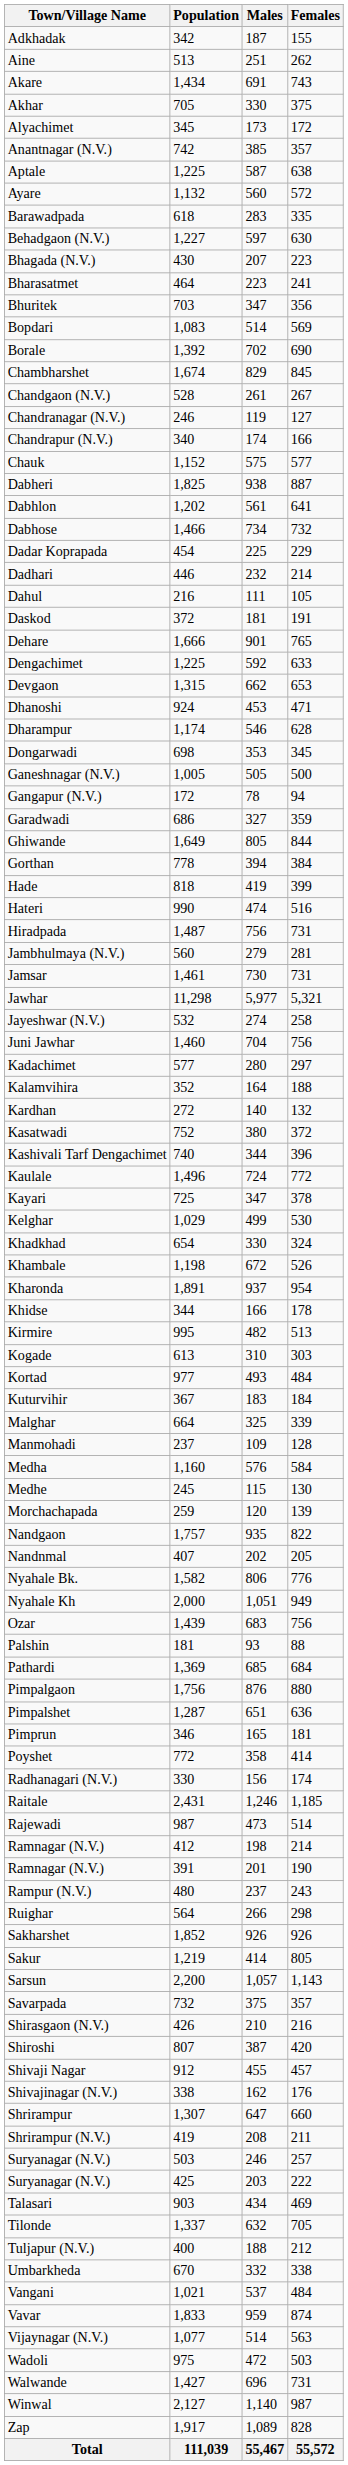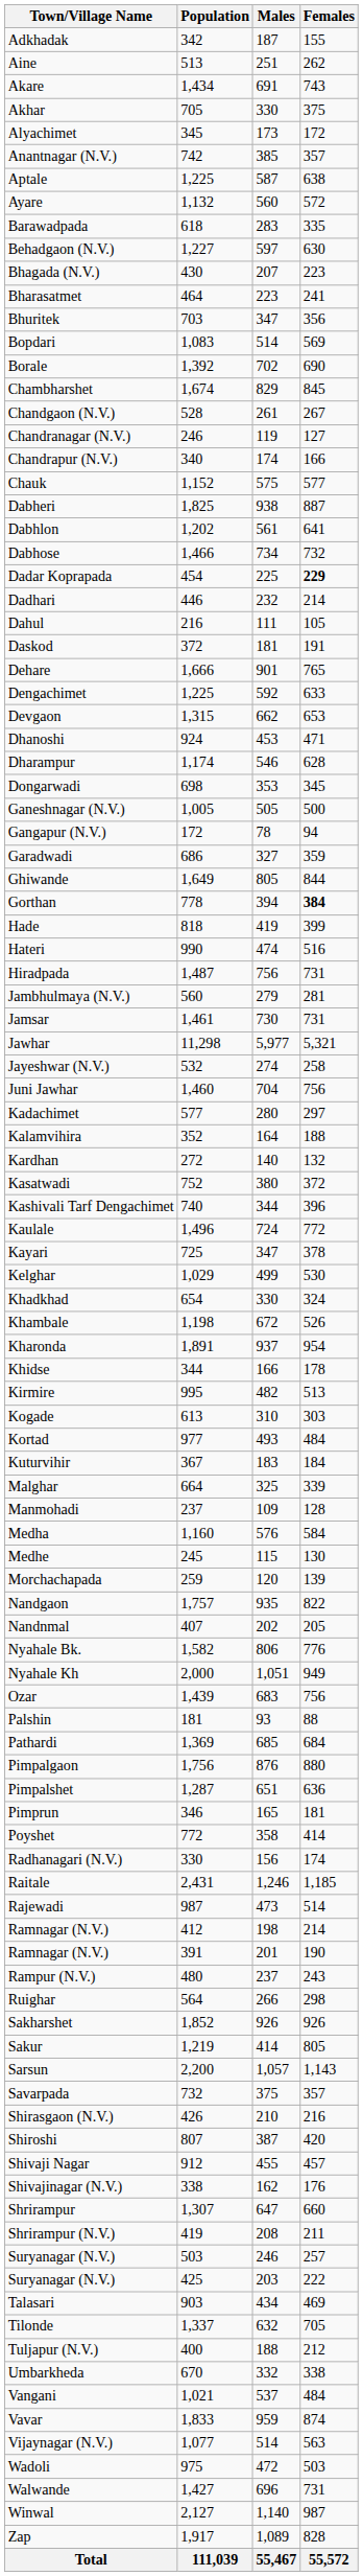 <table class="wikitable sortable collapsible collapsed">
 <tr>
 <th>Town/Village Name</th>
 <th>Population</th>
 <th>Males</th>
 <th>Females</th>
 </tr>
 <tr>
 <td>Adkhadak</td>
 <td>342</td>
 <td>187</td>
 <td>155</td>
 </tr>
 <tr>
 <td>Aine</td>
 <td>513</td>
 <td>251</td>
 <td>262</td>
 </tr>
 <tr>
 <td>Akare</td>
 <td>1,434</td>
 <td>691</td>
 <td>743</td>
 </tr>
 <tr>
 <td>Akhar</td>
 <td>705</td>
 <td>330</td>
 <td>375</td>
 </tr>
 <tr>
 <td>Alyachimet</td>
 <td>345</td>
 <td>173</td>
 <td>172</td>
 </tr>
 <tr>
 <td>Anantnagar (N.V.)</td>
 <td>742</td>
 <td>385</td>
 <td>357</td>
 </tr>
 <tr>
 <td>Aptale</td>
 <td>1,225</td>
 <td>587</td>
 <td>638</td>
 </tr>
 <tr>
 <td>Ayare</td>
 <td>1,132</td>
 <td>560</td>
 <td>572</td>
 </tr>
 <tr>
 <td>Barawadpada</td>
 <td>618</td>
 <td>283</td>
 <td>335</td>
 </tr>
 <tr>
 <td>Behadgaon (N.V.)</td>
 <td>1,227</td>
 <td>597</td>
 <td>630</td>
 </tr>
 <tr>
 <td>Bhagada (N.V.)</td>
 <td>430</td>
 <td>207</td>
 <td>223</td>
 </tr>
 <tr>
 <td>Bharasatmet</td>
 <td>464</td>
 <td>223</td>
 <td>241</td>
 </tr>
 <tr>
 <td>Bhuritek</td>
 <td>703</td>
 <td>347</td>
 <td>356</td>
 </tr>
 <tr>
 <td>Bopdari</td>
 <td>1,083</td>
 <td>514</td>
 <td>569</td>
 </tr>
 <tr>
 <td>Borale</td>
 <td>1,392</td>
 <td>702</td>
 <td>690</td>
 </tr>
 <tr>
 <td>Chambharshet</td>
 <td>1,674</td>
 <td>829</td>
 <td>845</td>
 </tr>
 <tr>
 <td>Chandgaon (N.V.)</td>
 <td>528</td>
 <td>261</td>
 <td>267</td>
 </tr>
 <tr>
 <td>Chandranagar (N.V.)</td>
 <td>246</td>
 <td>119</td>
 <td>127</td>
 </tr>
 <tr>
 <td>Chandrapur (N.V.)</td>
 <td>340</td>
 <td>174</td>
 <td>166</td>
 </tr>
 <tr>
 <td>Chauk</td>
 <td>1,152</td>
 <td>575</td>
 <td>577</td>
 </tr>
 <tr>
 <td>Dabheri</td>
 <td>1,825</td>
 <td>938</td>
 <td>887</td>
 </tr>
 <tr>
 <td>Dabhlon</td>
 <td>1,202</td>
 <td>561</td>
 <td>641</td>
 </tr>
 <tr>
 <td>Dabhose</td>
 <td>1,466</td>
 <td>734</td>
 <td>732</td>
 </tr>
 <tr>
 <td>Dadar Koprapada</td>
 <td>454</td>
 <td>225</td>
-<td>229</td>
+<td><strong>229</strong></td>
 </tr>
 <tr>
 <td>Dadhari</td>
 <td>446</td>
 <td>232</td>
 <td>214</td>
 </tr>
 <tr>
 <td>Dahul</td>
 <td>216</td>
 <td>111</td>
 <td>105</td>
 </tr>
 <tr>
 <td>Daskod</td>
 <td>372</td>
 <td>181</td>
 <td>191</td>
 </tr>
 <tr>
 <td>Dehare</td>
 <td>1,666</td>
 <td>901</td>
 <td>765</td>
 </tr>
 <tr>
 <td>Dengachimet</td>
 <td>1,225</td>
 <td>592</td>
 <td>633</td>
 </tr>
 <tr>
 <td>Devgaon</td>
 <td>1,315</td>
 <td>662</td>
 <td>653</td>
 </tr>
 <tr>
 <td>Dhanoshi</td>
 <td>924</td>
 <td>453</td>
 <td>471</td>
 </tr>
 <tr>
 <td>Dharampur</td>
 <td>1,174</td>
 <td>546</td>
 <td>628</td>
 </tr>
 <tr>
 <td>Dongarwadi</td>
 <td>698</td>
 <td>353</td>
 <td>345</td>
 </tr>
 <tr>
 <td>Ganeshnagar (N.V.)</td>
 <td>1,005</td>
 <td>505</td>
 <td>500</td>
 </tr>
 <tr>
 <td>Gangapur (N.V.)</td>
 <td>172</td>
 <td>78</td>
 <td>94</td>
 </tr>
 <tr>
 <td>Garadwadi</td>
 <td>686</td>
 <td>327</td>
 <td>359</td>
 </tr>
 <tr>
 <td>Ghiwande</td>
 <td>1,649</td>
 <td>805</td>
 <td>844</td>
 </tr>
 <tr>
 <td>Gorthan</td>
 <td>778</td>
 <td>394</td>
-<td>384</td>
+<td><strong>384</strong></td>
 </tr>
 <tr>
 <td>Hade</td>
 <td>818</td>
 <td>419</td>
 <td>399</td>
 </tr>
 <tr>
 <td>Hateri</td>
 <td>990</td>
 <td>474</td>
 <td>516</td>
 </tr>
 <tr>
 <td>Hiradpada</td>
 <td>1,487</td>
 <td>756</td>
 <td>731</td>
 </tr>
 <tr>
 <td>Jambhulmaya (N.V.)</td>
 <td>560</td>
 <td>279</td>
 <td>281</td>
 </tr>
 <tr>
 <td>Jamsar</td>
 <td>1,461</td>
 <td>730</td>
 <td>731</td>
 </tr>
 <tr>
 <td>Jawhar</td>
 <td>11,298</td>
 <td>5,977</td>
 <td>5,321</td>
 </tr>
 <tr>
 <td>Jayeshwar (N.V.)</td>
 <td>532</td>
 <td>274</td>
 <td>258</td>
 </tr>
 <tr>
 <td>Juni Jawhar</td>
 <td>1,460</td>
 <td>704</td>
 <td>756</td>
 </tr>
 <tr>
 <td>Kadachimet</td>
 <td>577</td>
 <td>280</td>
 <td>297</td>
 </tr>
 <tr>
 <td>Kalamvihira</td>
 <td>352</td>
 <td>164</td>
 <td>188</td>
 </tr>
 <tr>
 <td>Kardhan</td>
 <td>272</td>
 <td>140</td>
 <td>132</td>
 </tr>
 <tr>
 <td>Kasatwadi</td>
 <td>752</td>
 <td>380</td>
 <td>372</td>
 </tr>
 <tr>
 <td>Kashivali Tarf Dengachimet</td>
 <td>740</td>
 <td>344</td>
 <td>396</td>
 </tr>
 <tr>
 <td>Kaulale</td>
 <td>1,496</td>
 <td>724</td>
 <td>772</td>
 </tr>
 <tr>
 <td>Kayari</td>
 <td>725</td>
 <td>347</td>
 <td>378</td>
 </tr>
 <tr>
 <td>Kelghar</td>
 <td>1,029</td>
 <td>499</td>
 <td>530</td>
 </tr>
 <tr>
 <td>Khadkhad</td>
 <td>654</td>
 <td>330</td>
 <td>324</td>
 </tr>
 <tr>
 <td>Khambale</td>
 <td>1,198</td>
 <td>672</td>
 <td>526</td>
 </tr>
 <tr>
 <td>Kharonda</td>
 <td>1,891</td>
 <td>937</td>
 <td>954</td>
 </tr>
 <tr>
 <td>Khidse</td>
 <td>344</td>
 <td>166</td>
 <td>178</td>
 </tr>
 <tr>
 <td>Kirmire</td>
 <td>995</td>
 <td>482</td>
 <td>513</td>
 </tr>
 <tr>
 <td>Kogade</td>
 <td>613</td>
 <td>310</td>
 <td>303</td>
 </tr>
 <tr>
 <td>Kortad</td>
 <td>977</td>
 <td>493</td>
 <td>484</td>
 </tr>
 <tr>
 <td>Kuturvihir</td>
 <td>367</td>
 <td>183</td>
 <td>184</td>
 </tr>
 <tr>
 <td>Malghar</td>
 <td>664</td>
 <td>325</td>
 <td>339</td>
 </tr>
 <tr>
 <td>Manmohadi</td>
 <td>237</td>
 <td>109</td>
 <td>128</td>
 </tr>
 <tr>
 <td>Medha</td>
 <td>1,160</td>
 <td>576</td>
 <td>584</td>
 </tr>
 <tr>
 <td>Medhe</td>
 <td>245</td>
 <td>115</td>
 <td>130</td>
 </tr>
 <tr>
 <td>Morchachapada</td>
 <td>259</td>
 <td>120</td>
 <td>139</td>
 </tr>
 <tr>
 <td>Nandgaon</td>
 <td>1,757</td>
 <td>935</td>
 <td>822</td>
 </tr>
 <tr>
 <td>Nandnmal</td>
 <td>407</td>
 <td>202</td>
 <td>205</td>
 </tr>
 <tr>
 <td>Nyahale Bk.</td>
 <td>1,582</td>
 <td>806</td>
 <td>776</td>
 </tr>
 <tr>
 <td>Nyahale Kh</td>
 <td>2,000</td>
 <td>1,051</td>
 <td>949</td>
 </tr>
 <tr>
 <td>Ozar</td>
 <td>1,439</td>
 <td>683</td>
 <td>756</td>
 </tr>
 <tr>
 <td>Palshin</td>
 <td>181</td>
 <td>93</td>
 <td>88</td>
 </tr>
 <tr>
 <td>Pathardi</td>
 <td>1,369</td>
 <td>685</td>
 <td>684</td>
 </tr>
 <tr>
 <td>Pimpalgaon</td>
 <td>1,756</td>
 <td>876</td>
 <td>880</td>
 </tr>
 <tr>
 <td>Pimpalshet</td>
 <td>1,287</td>
 <td>651</td>
 <td>636</td>
 </tr>
 <tr>
 <td>Pimprun</td>
 <td>346</td>
 <td>165</td>
 <td>181</td>
 </tr>
 <tr>
 <td>Poyshet</td>
 <td>772</td>
 <td>358</td>
 <td>414</td>
 </tr>
 <tr>
 <td>Radhanagari (N.V.)</td>
 <td>330</td>
 <td>156</td>
 <td>174</td>
 </tr>
 <tr>
 <td>Raitale</td>
 <td>2,431</td>
 <td>1,246</td>
 <td>1,185</td>
 </tr>
 <tr>
 <td>Rajewadi</td>
 <td>987</td>
 <td>473</td>
 <td>514</td>
 </tr>
 <tr>
 <td>Ramnagar (N.V.)</td>
 <td>412</td>
 <td>198</td>
 <td>214</td>
 </tr>
 <tr>
 <td>Ramnagar (N.V.)</td>
 <td>391</td>
 <td>201</td>
 <td>190</td>
 </tr>
 <tr>
 <td>Rampur (N.V.)</td>
 <td>480</td>
 <td>237</td>
 <td>243</td>
 </tr>
 <tr>
 <td>Ruighar</td>
 <td>564</td>
 <td>266</td>
 <td>298</td>
 </tr>
 <tr>
 <td>Sakharshet</td>
 <td>1,852</td>
 <td>926</td>
 <td>926</td>
 </tr>
 <tr>
 <td>Sakur</td>
 <td>1,219</td>
 <td>414</td>
 <td>805</td>
 </tr>
 <tr>
 <td>Sarsun</td>
 <td>2,200</td>
 <td>1,057</td>
 <td>1,143</td>
 </tr>
 <tr>
 <td>Savarpada</td>
 <td>732</td>
 <td>375</td>
 <td>357</td>
 </tr>
 <tr>
 <td>Shirasgaon (N.V.)</td>
 <td>426</td>
 <td>210</td>
 <td>216</td>
 </tr>
 <tr>
 <td>Shiroshi</td>
 <td>807</td>
 <td>387</td>
 <td>420</td>
 </tr>
 <tr>
 <td>Shivaji Nagar</td>
 <td>912</td>
 <td>455</td>
 <td>457</td>
 </tr>
 <tr>
 <td>Shivajinagar (N.V.)</td>
 <td>338</td>
 <td>162</td>
 <td>176</td>
 </tr>
 <tr>
 <td>Shrirampur</td>
 <td>1,307</td>
 <td>647</td>
 <td>660</td>
 </tr>
 <tr>
 <td>Shrirampur (N.V.)</td>
 <td>419</td>
 <td>208</td>
 <td>211</td>
 </tr>
 <tr>
 <td>Suryanagar (N.V.)</td>
 <td>503</td>
 <td>246</td>
 <td>257</td>
 </tr>
 <tr>
 <td>Suryanagar (N.V.)</td>
 <td>425</td>
 <td>203</td>
 <td>222</td>
 </tr>
 <tr>
 <td>Talasari</td>
 <td>903</td>
 <td>434</td>
 <td>469</td>
 </tr>
 <tr>
 <td>Tilonde</td>
 <td>1,337</td>
 <td>632</td>
 <td>705</td>
 </tr>
 <tr>
 <td>Tuljapur (N.V.)</td>
 <td>400</td>
 <td>188</td>
 <td>212</td>
 </tr>
 <tr>
 <td>Umbarkheda</td>
 <td>670</td>
 <td>332</td>
 <td>338</td>
 </tr>
 <tr>
 <td>Vangani</td>
 <td>1,021</td>
 <td>537</td>
 <td>484</td>
 </tr>
 <tr>
 <td>Vavar</td>
 <td>1,833</td>
 <td>959</td>
 <td>874</td>
 </tr>
 <tr>
 <td>Vijaynagar (N.V.)</td>
 <td>1,077</td>
 <td>514</td>
 <td>563</td>
 </tr>
 <tr>
 <td>Wadoli</td>
 <td>975</td>
 <td>472</td>
 <td>503</td>
 </tr>
 <tr>
 <td>Walwande</td>
 <td>1,427</td>
 <td>696</td>
 <td>731</td>
 </tr>
 <tr>
 <td>Winwal</td>
 <td>2,127</td>
 <td>1,140</td>
 <td>987</td>
 </tr>
 <tr>
 <td>Zap</td>
 <td>1,917</td>
 <td>1,089</td>
 <td>828</td>
 </tr>
 <tr>
 <th>Total</th>
 <th>111,039</th>
 <th>55,467</th>
 <th>55,572</th>
 </tr>
 </table>
